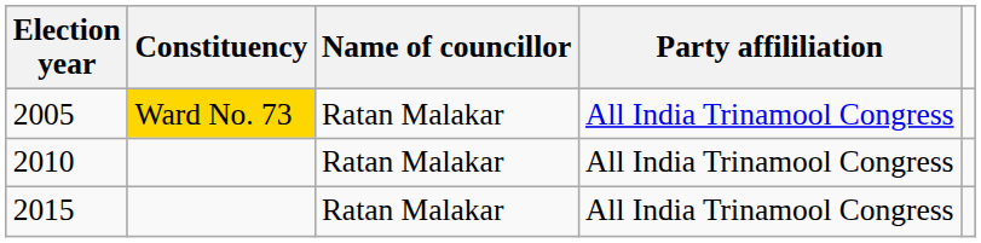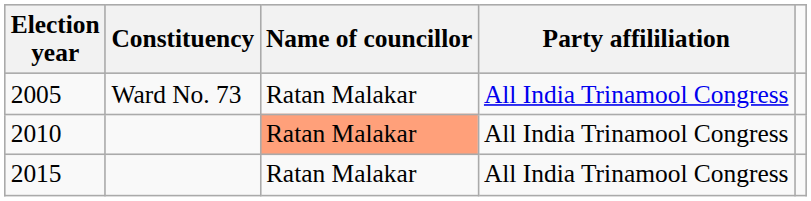 <table class="wikitable"ìÍĦĤĠčw>
 <tr>
 <th>Election<br> year</th>
 <th>Constituency</th>
 <th>Name of councillor</th>
 <th>Party affililiation</th>
 </tr>
 <tr>
 <td>2005</td>
-<td style="background: gold;">Ward No. 73</td>
+<td>Ward No. 73</td>
 <td>Ratan Malakar</td>
 <td><a href='#'>All India Trinamool Congress</a></td>
 <td></td>
 </tr>
 <tr>
 <td>2010</td>
 <td></td>
-<td>Ratan Malakar</td>
+<td style="background: lightsalmon;">Ratan Malakar</td>
 <td>All India Trinamool Congress</td>
 <td></td>
 </tr>
 <tr>
 <td>2015</td>
 <td></td>
 <td>Ratan Malakar</td>
 <td>All India Trinamool Congress</td>
 <td></td>
 </tr>
 </table>
